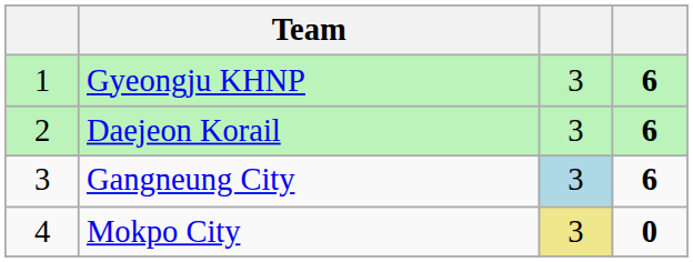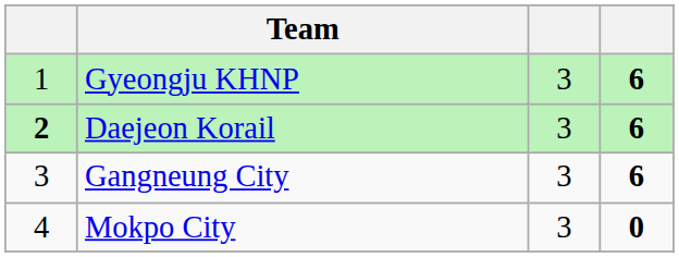 <table class="wikitable" style="text-align:center;">
 <tr>
 <th width=30></th>
 <th width=225>Team</th>
 <th width=30></th>
 <th width=30></th>
 </tr>
 <tr bgcolor=#bbf3bb>
 <td>1</td>
 <td align=left><a href='#'>Gyeongju KHNP</a></td>
 <td>3</td>
 <td><strong>6</strong></td>
 </tr>
 <tr bgcolor=#bbf3bb>
-<td>2</td>
+<td><strong>2</strong></td>
 <td align=left><a href='#'>Daejeon Korail</a></td>
 <td>3</td>
 <td><strong>6</strong></td>
 </tr>
 <tr>
 <td>3</td>
 <td align=left><a href='#'>Gangneung City</a></td>
-<td style="background: lightblue;">3</td>
+<td>3</td>
 <td><strong>6</strong></td>
 </tr>
 <tr>
 <td>4</td>
 <td align=left><a href='#'>Mokpo City</a></td>
-<td style="background: khaki;">3</td>
+<td>3</td>
 <td><strong>0</strong></td>
 </tr>
 </table>
